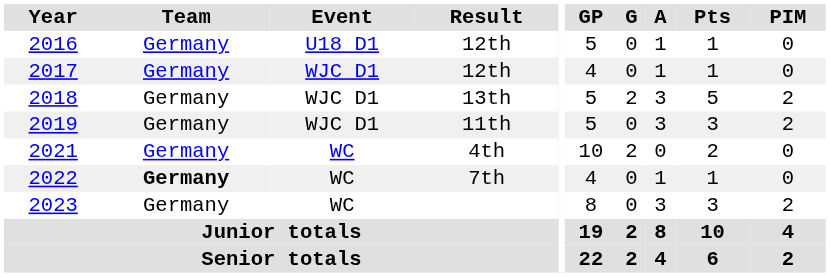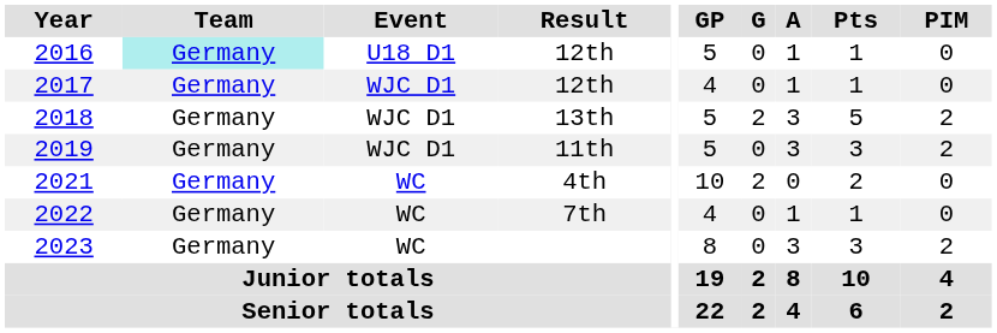 <table border="0" cellpadding="1" cellspacing="0" ID="Table3" style="text-align:center; width:40em">
 <tr ALIGN="center" bgcolor="#e0e0e0">
 <th>Year</th>
 <th>Team</th>
 <th>Event</th>
 <th>Result</th>
 <th rowspan="99" bgcolor="#ffffff"></th>
 <th>GP</th>
 <th>G</th>
 <th>A</th>
 <th>Pts</th>
 <th>PIM</th>
 </tr>
 <tr>
 <td><a href='#'>2016</a></td>
-<td><a href='#'>Germany</a></td>
+<td style="background: paleturquoise;"><a href='#'>Germany</a></td>
 <td><a href='#'>U18 D1</a></td>
 <td>12th</td>
 <td>5</td>
 <td>0</td>
 <td>1</td>
 <td>1</td>
 <td>0</td>
 </tr>
 <tr bgcolor="#f0f0f0">
 <td><a href='#'>2017</a></td>
 <td><a href='#'>Germany</a></td>
 <td><a href='#'>WJC D1</a></td>
 <td>12th</td>
 <td>4</td>
 <td>0</td>
 <td>1</td>
 <td>1</td>
 <td>0</td>
 </tr>
 <tr>
 <td><a href='#'>2018</a></td>
 <td>Germany</td>
 <td>WJC D1</td>
 <td>13th</td>
 <td>5</td>
 <td>2</td>
 <td>3</td>
 <td>5</td>
 <td>2</td>
 </tr>
 <tr bgcolor="#f0f0f0">
 <td><a href='#'>2019</a></td>
 <td>Germany</td>
 <td>WJC D1</td>
 <td>11th</td>
 <td>5</td>
 <td>0</td>
 <td>3</td>
 <td>3</td>
 <td>2</td>
 </tr>
 <tr>
 <td><a href='#'>2021</a></td>
 <td><a href='#'>Germany</a></td>
 <td><a href='#'>WC</a></td>
 <td>4th</td>
 <td>10</td>
 <td>2</td>
 <td>0</td>
 <td>2</td>
 <td>0</td>
 </tr>
 <tr bgcolor="#f0f0f0">
 <td><a href='#'>2022</a></td>
-<td><strong>Germany</strong></td>
+<td>Germany</td>
 <td>WC</td>
 <td>7th</td>
 <td>4</td>
 <td>0</td>
 <td>1</td>
 <td>1</td>
 <td>0</td>
 </tr>
 <tr>
 <td><a href='#'>2023</a></td>
 <td>Germany</td>
 <td>WC</td>
 <td></td>
 <td>8</td>
 <td>0</td>
 <td>3</td>
 <td>3</td>
 <td>2</td>
 </tr>
 <tr bgcolor="#e0e0e0">
 <th colspan="4">Junior totals</th>
 <th>19</th>
 <th>2</th>
 <th>8</th>
 <th>10</th>
 <th>4</th>
 </tr>
 <tr bgcolor="#e0e0e0">
 <th colspan="4">Senior totals</th>
 <th>22</th>
 <th>2</th>
 <th>4</th>
 <th>6</th>
 <th>2</th>
 </tr>
 </table>
